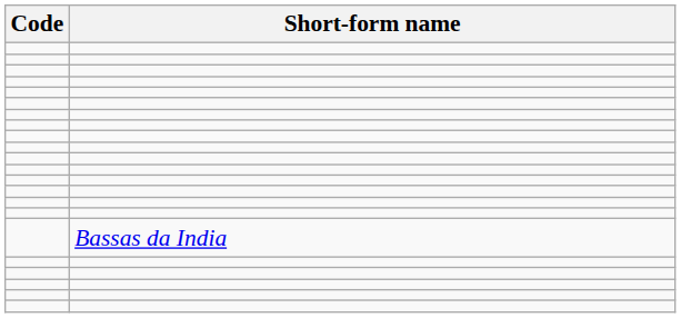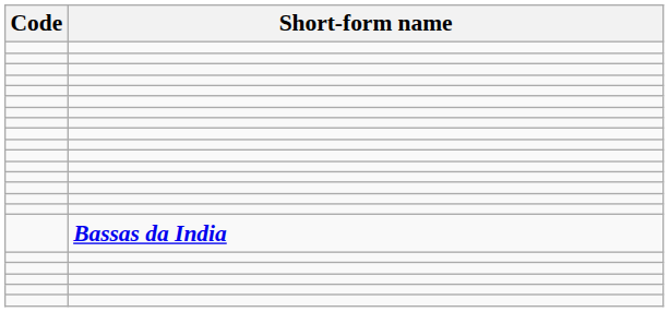 <table class="wikitable sortable">
 <tr>
 <th>Code</th>
 <th width=400px>Short-form name</th>
 </tr>
 <tr>
 <td></td>
 <td></td>
 </tr>
 <tr>
 <td></td>
 <td></td>
 </tr>
 <tr>
 <td></td>
 <td></td>
 </tr>
 <tr>
 <td></td>
 <td><em></em></td>
 </tr>
 <tr>
 <td></td>
 <td></td>
 </tr>
 <tr>
 <td></td>
 <td></td>
 </tr>
 <tr>
 <td></td>
 <td></td>
 </tr>
 <tr>
 <td></td>
 <td></td>
 </tr>
 <tr>
 <td></td>
 <td></td>
 </tr>
 <tr>
 <td></td>
 <td></td>
 </tr>
 <tr>
 <td></td>
 <td></td>
 </tr>
 <tr>
 <td></td>
 <td></td>
 </tr>
 <tr>
 <td></td>
 <td></td>
 </tr>
 <tr>
 <td></td>
 <td></td>
 </tr>
 <tr>
 <td></td>
 <td><em></em></td>
 </tr>
 <tr>
 <td></td>
 <td></td>
 </tr>
 <tr>
 <td></td>
-<td> <em><a href='#'>Bassas da India</a></em></td>
+<td><strong> <em><a href='#'>Bassas da India</a></em></strong></td>
 </tr>
 <tr>
 <td></td>
 <td></td>
 </tr>
 <tr>
 <td></td>
 <td></td>
 </tr>
 <tr>
 <td></td>
 <td><em></em></td>
 </tr>
 <tr>
 <td></td>
 <td></td>
 </tr>
 <tr>
 <td></td>
 <td></td>
 </tr>
 </table>
